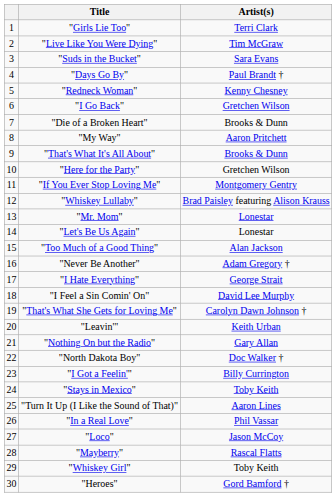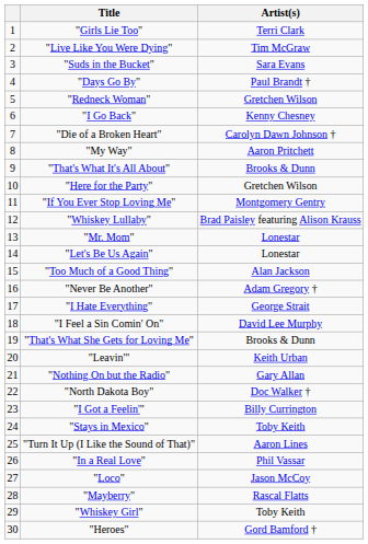 <table class="wikitable sortable">
 <tr>
 <th></th>
 <th>Title</th>
 <th>Artist(s)</th>
 </tr>
 <tr>
 <td align="center">1</td>
 <td align="center">"<a href='#'>Girls Lie Too</a>"</td>
 <td align="center"><a href='#'>Terri Clark</a></td>
 </tr>
 <tr>
 <td align="center">2</td>
 <td align="center">"<a href='#'>Live Like You Were Dying</a>"</td>
 <td align="center"><a href='#'>Tim McGraw</a></td>
 </tr>
 <tr>
 <td align="center">3</td>
 <td align="center">"<a href='#'>Suds in the Bucket</a>"</td>
 <td align="center"><a href='#'>Sara Evans</a></td>
 </tr>
 <tr>
 <td align="center">4</td>
 <td align="center">"<a href='#'>Days Go By</a>"</td>
 <td align="center"><a href='#'>Paul Brandt</a> †</td>
 </tr>
 <tr>
 <td align="center">5</td>
 <td align="center">"<a href='#'>Redneck Woman</a>"</td>
-<td align="center"><a href='#'>Kenny Chesney</a></td>
+<td align="center"><a href='#'>Gretchen Wilson</a></td>
 </tr>
 <tr>
 <td align="center">6</td>
 <td align="center">"<a href='#'>I Go Back</a>"</td>
-<td align="center"><a href='#'>Gretchen Wilson</a></td>
+<td align="center"><a href='#'>Kenny Chesney</a></td>
 </tr>
 <tr>
 <td align="center">7</td>
 <td align="center">"Die of a Broken Heart"</td>
-<td align="center">Brooks & Dunn</td>
+<td align="center"><a href='#'>Carolyn Dawn Johnson</a> †</td>
 </tr>
 <tr>
 <td align="center">8</td>
 <td align="center">"My Way"</td>
 <td align="center"><a href='#'>Aaron Pritchett</a></td>
 </tr>
 <tr>
 <td align="center">9</td>
 <td align="center">"<a href='#'>That's What It's All About</a>"</td>
 <td align="center"><a href='#'>Brooks & Dunn</a></td>
 </tr>
 <tr>
 <td align="center">10</td>
 <td align="center">"<a href='#'>Here for the Party</a>"</td>
 <td align="center">Gretchen Wilson</td>
 </tr>
 <tr>
 <td align="center">11</td>
 <td align="center">"<a href='#'>If You Ever Stop Loving Me</a>"</td>
 <td align="center"><a href='#'>Montgomery Gentry</a></td>
 </tr>
 <tr>
 <td align="center">12</td>
 <td align="center">"<a href='#'>Whiskey Lullaby</a>"</td>
 <td align="center"><a href='#'>Brad Paisley</a> featuring <a href='#'>Alison Krauss</a></td>
 </tr>
 <tr>
 <td align="center">13</td>
 <td align="center">"<a href='#'>Mr. Mom</a>"</td>
 <td align="center"><a href='#'>Lonestar</a></td>
 </tr>
 <tr>
 <td align="center">14</td>
 <td align="center">"<a href='#'>Let's Be Us Again</a>"</td>
 <td align="center">Lonestar</td>
 </tr>
 <tr>
 <td align="center">15</td>
 <td align="center">"<a href='#'>Too Much of a Good Thing</a>"</td>
 <td align="center"><a href='#'>Alan Jackson</a></td>
 </tr>
 <tr>
 <td align="center">16</td>
 <td align="center">"Never Be Another"</td>
 <td align="center"><a href='#'>Adam Gregory</a> †</td>
 </tr>
 <tr>
 <td align="center">17</td>
 <td align="center">"<a href='#'>I Hate Everything</a>"</td>
 <td align="center"><a href='#'>George Strait</a></td>
 </tr>
 <tr>
 <td align="center">18</td>
 <td align="center">"I Feel a Sin Comin' On"</td>
 <td align="center"><a href='#'>David Lee Murphy</a></td>
 </tr>
 <tr>
 <td align="center">19</td>
 <td align="center">"<a href='#'>That's What She Gets for Loving Me</a>"</td>
-<td align="center"><a href='#'>Carolyn Dawn Johnson</a> †</td>
+<td align="center">Brooks & Dunn</td>
 </tr>
 <tr>
 <td align="center">20</td>
 <td align="center">"Leavin'"</td>
 <td align="center"><a href='#'>Keith Urban</a></td>
 </tr>
 <tr>
 <td align="center">21</td>
 <td align="center">"<a href='#'>Nothing On but the Radio</a>"</td>
 <td align="center"><a href='#'>Gary Allan</a></td>
 </tr>
 <tr>
 <td align="center">22</td>
 <td align="center">"North Dakota Boy"</td>
 <td align="center"><a href='#'>Doc Walker</a> †</td>
 </tr>
 <tr>
 <td align="center">23</td>
 <td align="center">"<a href='#'>I Got a Feelin'</a>"</td>
 <td align="center"><a href='#'>Billy Currington</a></td>
 </tr>
 <tr>
 <td align="center">24</td>
 <td align="center">"<a href='#'>Stays in Mexico</a>"</td>
 <td align="center"><a href='#'>Toby Keith</a></td>
 </tr>
 <tr>
 <td align="center">25</td>
 <td align="center">"Turn It Up (I Like the Sound of That)"</td>
 <td align="center"><a href='#'>Aaron Lines</a></td>
 </tr>
 <tr>
 <td align="center">26</td>
 <td align="center">"<a href='#'>In a Real Love</a>"</td>
 <td align="center"><a href='#'>Phil Vassar</a></td>
 </tr>
 <tr>
 <td align="center">27</td>
 <td align="center">"<a href='#'>Loco</a>"</td>
 <td align="center"><a href='#'>Jason McCoy</a></td>
 </tr>
 <tr>
 <td align="center">28</td>
 <td align="center">"<a href='#'>Mayberry</a>"</td>
 <td align="center"><a href='#'>Rascal Flatts</a></td>
 </tr>
 <tr>
 <td align="center">29</td>
 <td align="center">"<a href='#'>Whiskey Girl</a>"</td>
 <td align="center">Toby Keith</td>
 </tr>
 <tr>
 <td align="center">30</td>
 <td align="center">"Heroes"</td>
 <td align="center"><a href='#'>Gord Bamford</a> †</td>
 </tr>
 </table>
